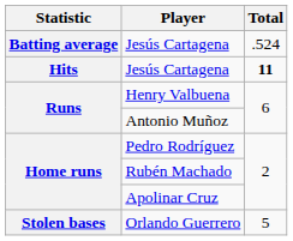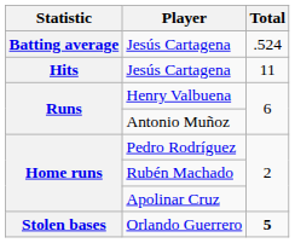 <table class="wikitable plainrowheaders">
 <tr>
 <th scope="col">Statistic</th>
 <th scope="col">Player</th>
 <th scope="col">Total</th>
 </tr>
 <tr>
 <th scope="row"><a href='#'>Batting average</a></th>
 <td> <a href='#'>Jesús Cartagena</a></td>
 <td align=center>.524</td>
 </tr>
 <tr>
 <th scope="row"><a href='#'>Hits</a></th>
 <td> <a href='#'>Jesús Cartagena</a></td>
-<td align=center><strong>11</strong></td>
+<td align=center>11</td>
 </tr>
 <tr>
 <th scope="row" rowspan=2><a href='#'>Runs</a></th>
 <td> <a href='#'>Henry Valbuena</a></td>
 <td align=center rowspan=2>6</td>
 </tr>
 <tr>
 <td> Antonio Muñoz</td>
 </tr>
 <tr>
 <th scope="row" rowspan=3><a href='#'>Home runs</a></th>
 <td> <a href='#'>Pedro Rodríguez</a></td>
 <td align=center rowspan=3>2</td>
 </tr>
 <tr>
 <td> <a href='#'>Rubén Machado</a></td>
 </tr>
 <tr>
 <td> <a href='#'>Apolinar Cruz</a></td>
 </tr>
 <tr>
 <th scope="row"><a href='#'>Stolen bases</a></th>
 <td> <a href='#'>Orlando Guerrero</a></td>
-<td align=center>5</td>
+<td align=center><strong>5</strong></td>
 </tr>
 </table>
